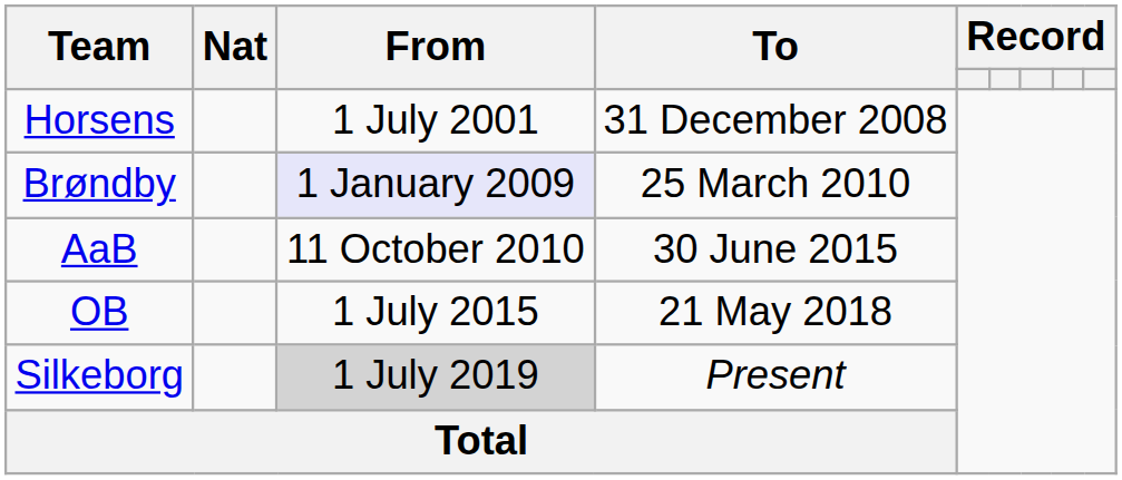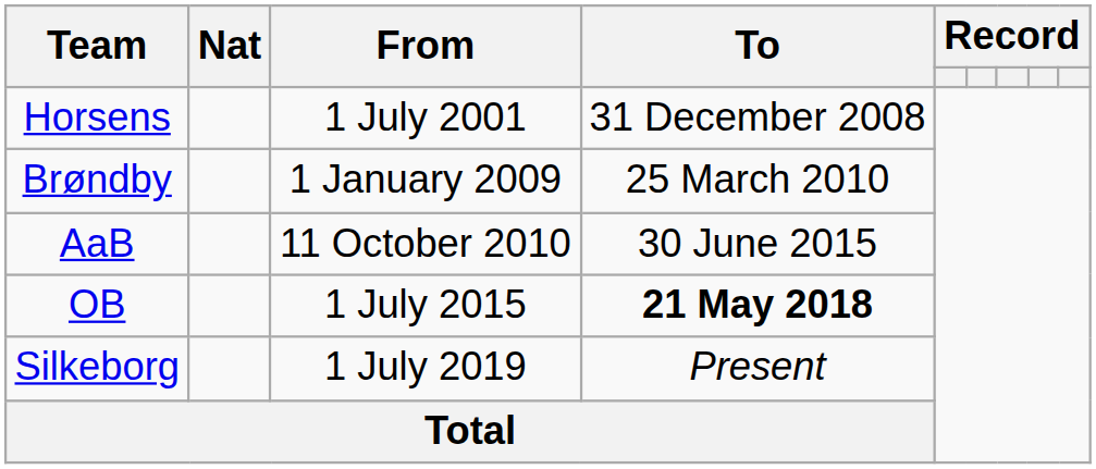 <table class="wikitable" style="text-align: center">
 <tr>
 <th rowspan="2">Team</th>
 <th rowspan="2">Nat</th>
 <th rowspan="2">From</th>
 <th rowspan="2">To</th>
 <th colspan="8">Record</th>
 </tr>
 <tr>
 <th></th>
 <th></th>
 <th></th>
 <th></th>
 <th></th>
 </tr>
 <tr>
 <td><a href='#'>Horsens</a></td>
 <td></td>
 <td>1 July 2001</td>
 <td>31 December 2008<br></td>
 </tr>
 <tr>
 <td><a href='#'>Brøndby</a></td>
 <td></td>
-<td style="background: lavender;">1 January 2009</td>
+<td>1 January 2009</td>
 <td>25 March 2010<br></td>
 </tr>
 <tr>
 <td><a href='#'>AaB</a></td>
 <td></td>
 <td>11 October 2010</td>
 <td>30 June 2015<br></td>
 </tr>
 <tr>
 <td><a href='#'>OB</a></td>
 <td></td>
 <td>1 July 2015</td>
-<td>21 May 2018<br></td>
+<td><strong>21 May 2018<br></strong></td>
 </tr>
 <tr>
 <td><a href='#'>Silkeborg</a></td>
 <td></td>
-<td style="background: lightgrey;">1 July 2019</td>
+<td>1 July 2019</td>
 <td><em>Present</em><br></td>
 </tr>
 <tr>
 <th colspan="4">Total<br></th>
 </tr>
 </table>
